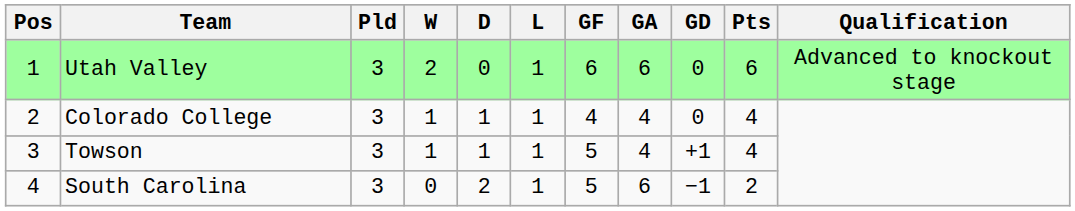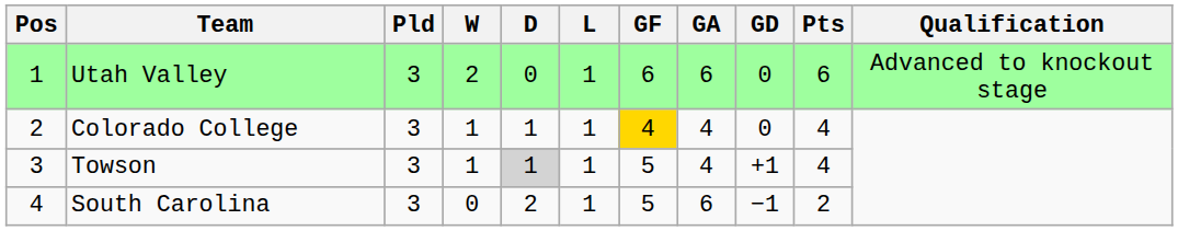 <table class="wikitable" style="text-align:center; margin: 1em auto">
 <tr>
 <th style=width:2em>Pos</th>
 <th style=width:13em>Team</th>
 <th style=width:2em>Pld</th>
 <th style=width:2em>W</th>
 <th style=width:2em>D</th>
 <th style=width:2em>L</th>
 <th style=width:2em>GF</th>
 <th style=width:2em>GA</th>
 <th style=width:2em>GD</th>
 <th style=width:2em>Pts</th>
 <th style=width:13em>Qualification</th>
 </tr>
 <tr bgcolor="#9eff9e">
 <td>1</td>
 <td style="text-align:left">Utah Valley</td>
 <td>3</td>
 <td>2</td>
 <td>0</td>
 <td>1</td>
 <td>6</td>
 <td>6</td>
 <td>0</td>
 <td>6</td>
 <td>Advanced to knockout stage</td>
 </tr>
 <tr>
 <td>2</td>
 <td style="text-align:left">Colorado College</td>
 <td>3</td>
 <td>1</td>
 <td>1</td>
 <td>1</td>
-<td>4</td>
+<td style="background: gold;">4</td>
 <td>4</td>
 <td>0</td>
 <td>4</td>
 <td rowspan="3"></td>
 </tr>
 <tr>
 <td>3</td>
 <td style="text-align:left">Towson</td>
 <td>3</td>
 <td>1</td>
-<td>1</td>
+<td style="background: lightgrey;">1</td>
 <td>1</td>
 <td>5</td>
 <td>4</td>
 <td>+1</td>
 <td>4</td>
 </tr>
 <tr>
 <td>4</td>
 <td style="text-align:left">South Carolina</td>
 <td>3</td>
 <td>0</td>
 <td>2</td>
 <td>1</td>
 <td>5</td>
 <td>6</td>
 <td>−1</td>
 <td>2</td>
 </tr>
 </table>
